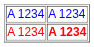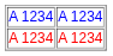 <table border="1">
 <tr ---- size="40">
 <td style="background:white; font-size: 14pt; color: blue">A 1234</td>
 <td style="background:white; font-size: 14pt; color: blue">A 1234</td>
 </tr>
 <tr>
 <td style="background:white; font-size: 14pt; color: red">A 1234</td>
-<td style="background:white; font-size: 14pt; color: red"><strong>A 1234</strong></td>
+<td style="background:white; font-size: 14pt; color: red">A 1234</td>
 </tr>
 </table>
